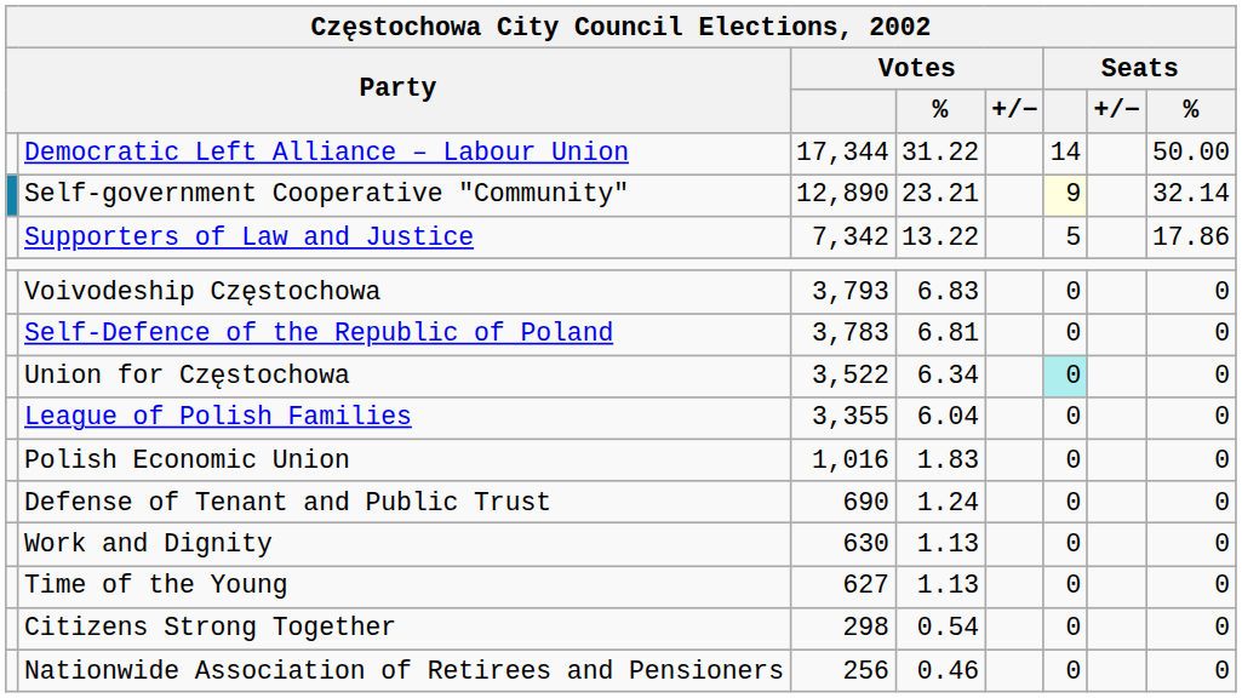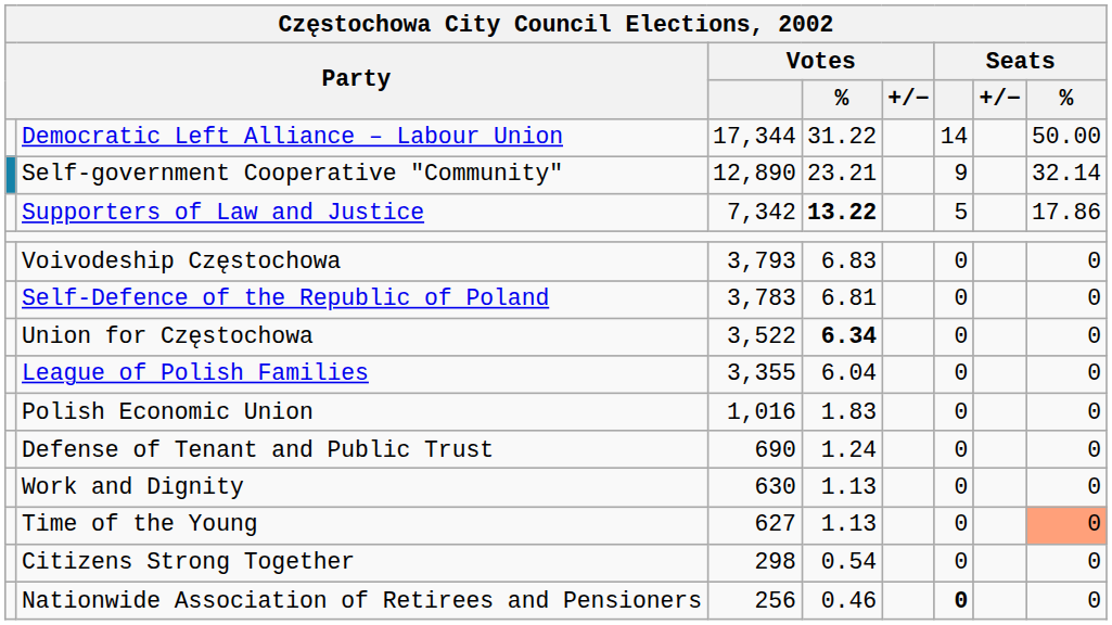 <table class="wikitable">
 <tr>
 <th colspan=8>Częstochowa City Council Elections, 2002</th>
 </tr>
 <tr>
 <th rowspan="2" colspan="2">Party</th>
 <th colspan="3">Votes</th>
 <th colspan="3">Seats</th>
 </tr>
 <tr>
 <th></th>
 <th>%</th>
 <th>+/−</th>
 <th></th>
 <th>+/−</th>
 <th>%</th>
 </tr>
 <tr>
 <td style="background-color:"></td>
 <td><a href='#'>Democratic Left Alliance – Labour Union</a></td>
 <td align="right">17,344</td>
 <td align="right">31.22</td>
 <td align="right"></td>
 <td align="right">14</td>
 <td align="right"></td>
 <td align="right">50.00</td>
 </tr>
 <tr>
 <td style="background-color:#1482a8"></td>
 <td>Self-government Cooperative "Community"</td>
 <td align="right">12,890</td>
 <td align="right">23.21</td>
 <td align="right"></td>
-<td align="right" style="background: lightyellow;">9</td>
+<td align="right">9</td>
 <td align="right"></td>
 <td align="right">32.14</td>
 </tr>
 <tr>
 <td style="background-color:"></td>
 <td><a href='#'>Supporters of Law and Justice</a></td>
 <td align="right">7,342</td>
-<td align="right">13.22</td>
+<td align="right"><strong>13.22</strong></td>
 <td align="right"></td>
 <td align="right">5</td>
 <td align="right"></td>
 <td align="right">17.86</td>
 </tr>
 <tr>
 <td colspan=8></td>
 </tr>
 <tr>
 <td style="background-color:"></td>
 <td>Voivodeship Częstochowa</td>
 <td align="right">3,793</td>
 <td align="right">6.83</td>
 <td align="right"></td>
 <td align="right">0</td>
 <td align="right"></td>
 <td align="right">0</td>
 </tr>
 <tr>
 <td style="background-color:"></td>
 <td><a href='#'>Self-Defence of the Republic of Poland</a></td>
 <td align="right">3,783</td>
 <td align="right">6.81</td>
 <td align="right"></td>
 <td align="right">0</td>
 <td align="right"></td>
 <td align="right">0</td>
 </tr>
 <tr>
 <td style="background-color:"></td>
 <td>Union for Częstochowa</td>
 <td align="right">3,522</td>
-<td align="right">6.34</td>
+<td align="right"><strong>6.34</strong></td>
 <td align="right"></td>
-<td align="right" style="background: paleturquoise;">0</td>
+<td align="right">0</td>
 <td align="right"></td>
 <td align="right">0</td>
 </tr>
 <tr>
 <td style="background-color:"></td>
 <td><a href='#'>League of Polish Families</a></td>
 <td align="right">3,355</td>
 <td align="right">6.04</td>
 <td align="right"></td>
 <td align="right">0</td>
 <td align="right"></td>
 <td align="right">0</td>
 </tr>
 <tr>
 <td style="background-color:"></td>
 <td>Polish Economic Union</td>
 <td align="right">1,016</td>
 <td align="right">1.83</td>
 <td align="right"></td>
 <td align="right">0</td>
 <td align="right"></td>
 <td align="right">0</td>
 </tr>
 <tr>
 <td style="background-color:"></td>
 <td>Defense of Tenant and Public Trust</td>
 <td align="right">690</td>
 <td align="right">1.24</td>
 <td align="right"></td>
 <td align="right">0</td>
 <td align="right"></td>
 <td align="right">0</td>
 </tr>
 <tr>
 <td style="background-color:"></td>
 <td>Work and Dignity</td>
 <td align="right">630</td>
 <td align="right">1.13</td>
 <td align="right"></td>
 <td align="right">0</td>
 <td align="right"></td>
 <td align="right">0</td>
 </tr>
 <tr>
 <td style="background-color:"></td>
 <td>Time of the Young</td>
 <td align="right">627</td>
 <td align="right">1.13</td>
 <td align="right"></td>
 <td align="right">0</td>
 <td align="right"></td>
-<td align="right">0</td>
+<td align="right" style="background: lightsalmon;">0</td>
 </tr>
 <tr>
 <td style="background-color:"></td>
 <td>Citizens Strong Together</td>
 <td align="right">298</td>
 <td align="right">0.54</td>
 <td align="right"></td>
 <td align="right">0</td>
 <td align="right"></td>
 <td align="right">0</td>
 </tr>
 <tr>
 <td style="background-color:"></td>
 <td>Nationwide Association of Retirees and Pensioners</td>
 <td align="right">256</td>
 <td align="right">0.46</td>
 <td align="right"></td>
-<td align="right">0</td>
+<td align="right"><strong>0</strong></td>
 <td align="right"></td>
 <td align="right">0</td>
 </tr>
 </table>
